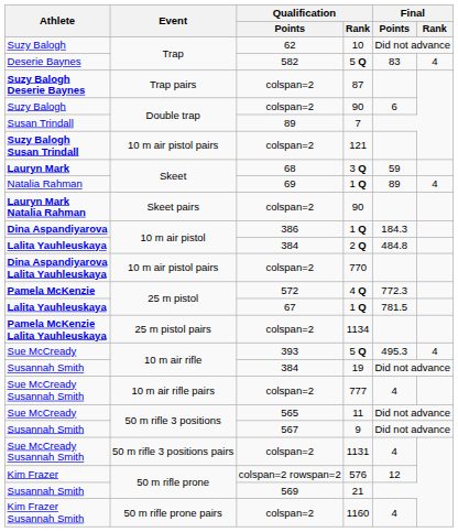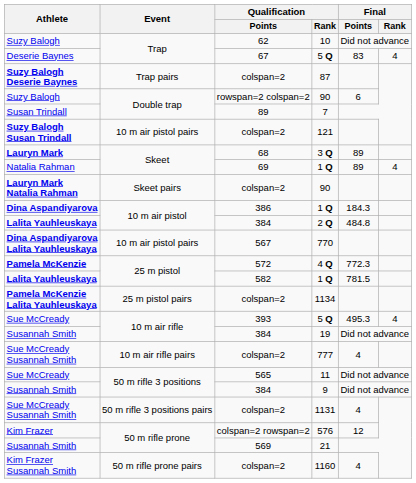 <table class="wikitable" style="font-size:90%;text-align:center">
 <tr>
 <th rowspan=2>Athlete</th>
 <th rowspan=2>Event</th>
 <th colspan=2>Qualification</th>
 <th colspan=2>Final</th>
 </tr>
 <tr style="font-size:95%">
 <th>Points</th>
 <th>Rank</th>
 <th>Points</th>
 <th>Rank</th>
 </tr>
 <tr>
 <td align=left><a href='#'>Suzy Balogh</a></td>
 <td rowspan=2>Trap</td>
 <td>62</td>
 <td>10</td>
 <td colspan=2>Did not advance</td>
 </tr>
 <tr>
 <td align=left><a href='#'>Deserie Baynes</a></td>
-<td>582</td>
+<td>67</td>
 <td>5 <strong>Q</strong></td>
 <td>83</td>
 <td>4</td>
 </tr>
 <tr>
 <td align=left><strong><a href='#'>Suzy Balogh</a><br><a href='#'>Deserie Baynes</a></strong></td>
 <td>Trap pairs</td>
 <td>colspan=2 </td>
 <td>87</td>
 <td></td>
 </tr>
 <tr>
 <td align=left><a href='#'>Suzy Balogh</a></td>
 <td rowspan=2>Double trap</td>
-<td>colspan=2 </td>
+<td>rowspan=2 colspan=2 </td>
 <td>90</td>
 <td>6</td>
 </tr>
 <tr>
 <td align=left><a href='#'>Susan Trindall</a></td>
 <td>89</td>
 <td>7</td>
 </tr>
 <tr>
 <td align=left><strong><a href='#'>Suzy Balogh</a><br><a href='#'>Susan Trindall</a></strong></td>
 <td>10 m air pistol pairs</td>
 <td>colspan=2 </td>
 <td>121</td>
 <td></td>
 </tr>
 <tr>
 <td align=left><strong><a href='#'>Lauryn Mark</a></strong></td>
 <td rowspan=2>Skeet</td>
 <td>68</td>
 <td>3 <strong>Q</strong></td>
-<td>59</td>
+<td>89</td>
 <td></td>
 </tr>
 <tr>
 <td align=left><a href='#'>Natalia Rahman</a></td>
 <td>69</td>
 <td>1 <strong>Q</strong></td>
 <td>89</td>
 <td>4</td>
 </tr>
 <tr>
 <td align=left><strong><a href='#'>Lauryn Mark</a><br><a href='#'>Natalia Rahman</a></strong></td>
 <td>Skeet pairs</td>
 <td>colspan=2 </td>
 <td>90</td>
 <td></td>
 </tr>
 <tr>
 <td align=left><strong><a href='#'>Dina Aspandiyarova</a></strong></td>
 <td rowspan=2>10 m air pistol</td>
 <td>386</td>
 <td>1 <strong>Q</strong></td>
 <td>184.3</td>
 <td></td>
 </tr>
 <tr>
 <td align=left><strong><a href='#'>Lalita Yauhleuskaya</a></strong></td>
 <td>384</td>
 <td>2 <strong>Q</strong></td>
 <td>484.8</td>
 <td></td>
 </tr>
 <tr>
 <td align=left><strong><a href='#'>Dina Aspandiyarova</a><br><a href='#'>Lalita Yauhleuskaya</a></strong></td>
 <td>10 m air pistol pairs</td>
-<td>colspan=2 </td>
+<td>567</td>
 <td>770</td>
 <td></td>
 </tr>
 <tr>
 <td align=left><strong><a href='#'>Pamela McKenzie</a></strong></td>
 <td rowspan=2>25 m pistol</td>
 <td>572</td>
 <td>4 <strong>Q</strong></td>
 <td>772.3</td>
 <td></td>
 </tr>
 <tr>
 <td align=left><strong><a href='#'>Lalita Yauhleuskaya</a></strong></td>
-<td>67</td>
+<td>582</td>
 <td>1 <strong>Q</strong></td>
 <td>781.5</td>
 <td></td>
 </tr>
 <tr>
 <td align=left><strong><a href='#'>Pamela McKenzie</a><br><a href='#'>Lalita Yauhleuskaya</a></strong></td>
 <td>25 m pistol pairs</td>
 <td>colspan=2 </td>
 <td>1134</td>
 <td></td>
 </tr>
 <tr>
 <td align=left><a href='#'>Sue McCready</a></td>
 <td rowspan=2>10 m air rifle</td>
 <td>393</td>
 <td>5 <strong>Q</strong></td>
 <td>495.3</td>
 <td>4</td>
 </tr>
 <tr>
 <td align=left><a href='#'>Susannah Smith</a></td>
 <td>384</td>
 <td>19</td>
 <td colspan=2>Did not advance</td>
 </tr>
 <tr>
 <td align=left><a href='#'>Sue McCready</a><br><a href='#'>Susannah Smith</a></td>
 <td>10 m air rifle pairs</td>
 <td>colspan=2 </td>
 <td>777</td>
 <td>4</td>
 </tr>
 <tr>
 <td align=left><a href='#'>Sue McCready</a></td>
 <td rowspan=2>50 m rifle 3 positions</td>
 <td>565</td>
 <td>11</td>
 <td colspan=2>Did not advance</td>
 </tr>
 <tr>
 <td align=left><a href='#'>Susannah Smith</a></td>
-<td>567</td>
+<td>384</td>
 <td>9</td>
 <td colspan=2>Did not advance</td>
 </tr>
 <tr>
 <td align=left><a href='#'>Sue McCready</a><br><a href='#'>Susannah Smith</a></td>
 <td>50 m rifle 3 positions pairs</td>
 <td>colspan=2 </td>
 <td>1131</td>
 <td>4</td>
 </tr>
 <tr>
 <td align=left><a href='#'>Kim Frazer</a></td>
 <td rowspan=2>50 m rifle prone</td>
 <td>colspan=2 rowspan=2 </td>
 <td>576</td>
 <td>12</td>
 </tr>
 <tr>
 <td align=left><a href='#'>Susannah Smith</a></td>
 <td>569</td>
 <td>21</td>
 </tr>
 <tr>
 <td align=left><a href='#'>Kim Frazer</a><br><a href='#'>Susannah Smith</a></td>
 <td>50 m rifle prone pairs</td>
 <td>colspan=2 </td>
 <td>1160</td>
 <td>4</td>
 </tr>
 </table>
